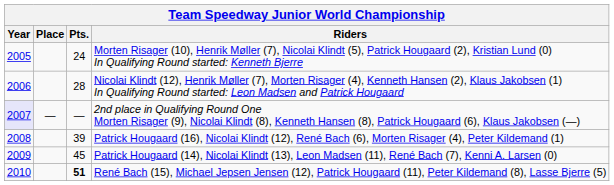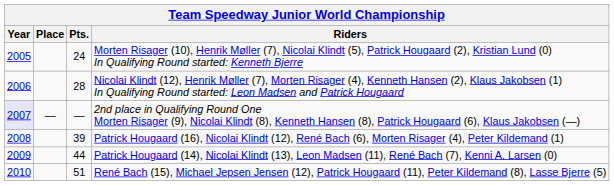 <table class=wikitable style="font-size: 90%;">
 <tr>
 <th colspan=4><big><a href='#'>Team Speedway Junior World Championship</a></big></th>
 </tr>
 <tr>
 <th>Year</th>
 <th>Place</th>
 <th>Pts.</th>
 <th>Riders</th>
 </tr>
 <tr align=center>
 <td><a href='#'>2005</a></td>
 <td></td>
 <td>24</td>
 <td align=left><a href='#'>Morten Risager</a> (10), <a href='#'>Henrik Møller</a> (7), <a href='#'>Nicolai Klindt</a> (5), <a href='#'>Patrick Hougaard</a> (2), <a href='#'>Kristian Lund</a> (0) <br><em>In Qualifying Round started: <a href='#'>Kenneth Bjerre</a></em></td>
 </tr>
 <tr align=center>
 <td><a href='#'>2006</a></td>
 <td></td>
 <td>28</td>
 <td align=left><a href='#'>Nicolai Klindt</a> (12), <a href='#'>Henrik Møller</a> (7), <a href='#'>Morten Risager</a> (4), <a href='#'>Kenneth Hansen</a> (2), <a href='#'>Klaus Jakobsen</a> (1) <br><em>In Qualifying Round started: <a href='#'>Leon Madsen</a> and <a href='#'>Patrick Hougaard</a></em></td>
 </tr>
 <tr align=center >
 <td style="background: lavender;"><a href='#'>2007</a></td>
 <td>—</td>
 <td>—</td>
 <td align=left><em>2nd place in Qualifying Round One</em> <br><a href='#'>Morten Risager</a> (9), <a href='#'>Nicolai Klindt</a> (8), <a href='#'>Kenneth Hansen</a> (8), <a href='#'>Patrick Hougaard</a> (6), <a href='#'>Klaus Jakobsen</a> (—)</td>
 </tr>
 <tr align=center>
 <td><a href='#'>2008</a></td>
 <td></td>
 <td>39</td>
 <td align=left><a href='#'>Patrick Hougaard</a> (16), <a href='#'>Nicolai Klindt</a> (12), <a href='#'>René Bach</a> (6), <a href='#'>Morten Risager</a> (4), <a href='#'>Peter Kildemand</a> (1)</td>
 </tr>
 <tr align=center>
 <td><a href='#'>2009</a></td>
 <td></td>
-<td>45</td>
+<td>44</td>
 <td align=left><a href='#'>Patrick Hougaard</a> (14), <a href='#'>Nicolai Klindt</a> (13), <a href='#'>Leon Madsen</a> (11), <a href='#'>René Bach</a> (7), <a href='#'>Kenni A. Larsen</a> (0)</td>
 </tr>
 <tr align=center>
 <td><a href='#'>2010</a></td>
 <td></td>
-<td><strong>51</strong></td>
+<td>51</td>
 <td align=left><a href='#'>René Bach</a> (15), <a href='#'>Michael Jepsen Jensen</a> (12), <a href='#'>Patrick Hougaard</a> (11), <a href='#'>Peter Kildemand</a> (8), <a href='#'>Lasse Bjerre</a> (5)</td>
 </tr>
 </table>
